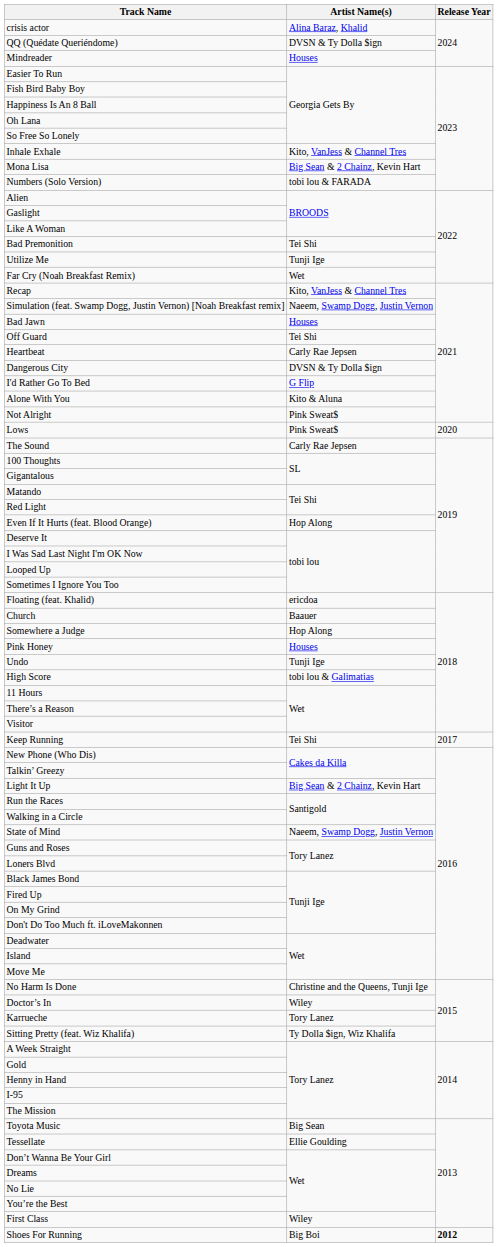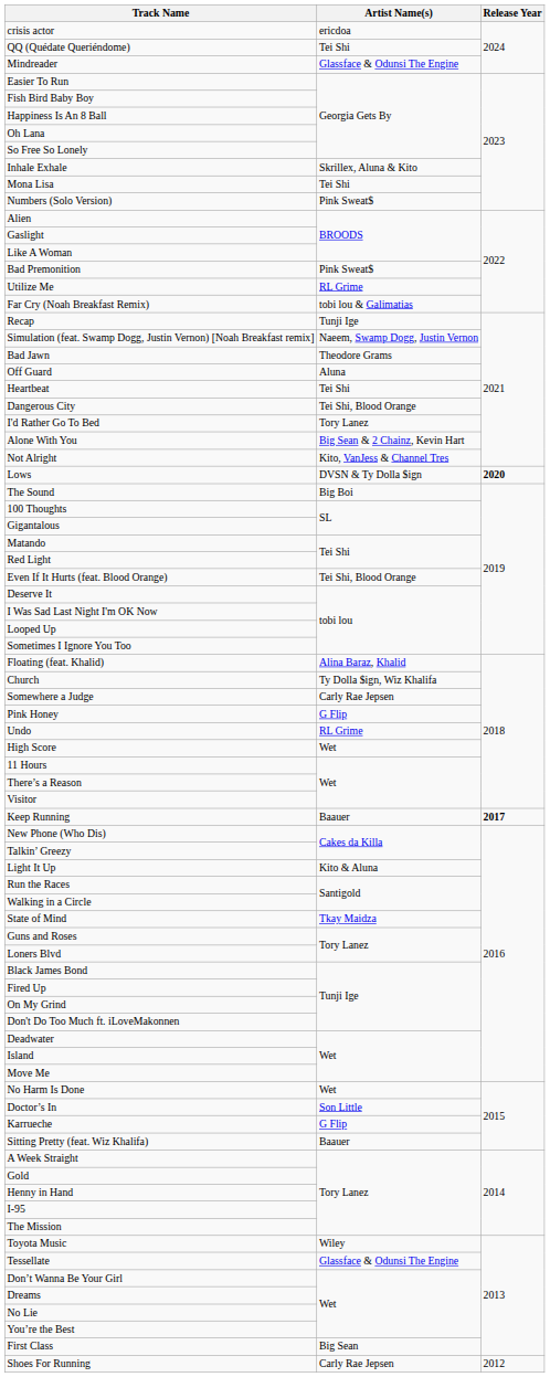 <table class="wikitable">
 <tr>
 <th>Track Name</th>
 <th>Artist Name(s)</th>
 <th>Release Year</th>
 </tr>
 <tr>
 <td>‍crisis actor</td>
-<td><a href='#'>Alina Baraz</a>, <a href='#'>Khalid</a></td>
+<td>ericdoa</td>
 <td rowspan="3">2024</td>
 </tr>
 <tr>
 <td>QQ (Quédate Queriéndome)</td>
-<td>DVSN & Ty Dolla $ign</td>
+<td>Tei Shi</td>
 </tr>
 <tr>
 <td>Mindreader</td>
-<td><a href='#'>Houses</a></td>
+<td><a href='#'>Glassface</a> & <a href='#'>Odunsi The Engine</a></td>
 </tr>
 <tr>
 <td>Easier To Run</td>
 <td rowspan="5">Georgia Gets By</td>
 <td rowspan="8">2023</td>
 </tr>
 <tr>
 <td>Fish Bird Baby Boy</td>
 </tr>
 <tr>
 <td>Happiness Is An 8 Ball</td>
 </tr>
 <tr>
 <td>Oh Lana</td>
 </tr>
 <tr>
 <td>So Free So Lonely</td>
 </tr>
 <tr>
 <td>Inhale Exhale</td>
-<td>Kito, <a href='#'>VanJess</a> & <a href='#'>Channel Tres</a></td>
+<td>Skrillex, Aluna & Kito</td>
 </tr>
 <tr>
 <td>Mona Lisa</td>
-<td><a href='#'>Big Sean</a> & <a href='#'>2 Chainz</a>, Kevin Hart</td>
+<td>Tei Shi</td>
 </tr>
 <tr>
 <td>Numbers (Solo Version)</td>
-<td>tobi lou & FARADA</td>
+<td>Pink Sweat$</td>
 </tr>
 <tr>
 <td>Alien</td>
 <td rowspan="3"><a href='#'>BROODS</a></td>
 <td rowspan="6">2022</td>
 </tr>
 <tr>
 <td>Gaslight</td>
 </tr>
 <tr>
 <td>Like A Woman</td>
 </tr>
 <tr>
 <td>Bad Premonition</td>
-<td>Tei Shi</td>
+<td>Pink Sweat$</td>
 </tr>
 <tr>
 <td>Utilize Me</td>
-<td>Tunji Ige</td>
+<td><a href='#'>RL Grime</a></td>
 </tr>
 <tr>
 <td>Far Cry (Noah Breakfast Remix)</td>
-<td>Wet</td>
+<td>tobi lou & <a href='#'>Galimatias</a></td>
 </tr>
 <tr>
 <td>Recap</td>
-<td>Kito, <a href='#'>VanJess</a> & <a href='#'>Channel Tres</a></td>
+<td>Tunji Ige</td>
 <td rowspan="9">2021</td>
 </tr>
 <tr>
 <td>Simulation (feat. Swamp Dogg, Justin Vernon) [Noah Breakfast remix]</td>
 <td>Naeem, <a href='#'>Swamp Dogg</a>, <a href='#'>Justin Vernon</a></td>
 </tr>
 <tr>
 <td>Bad Jawn</td>
-<td><a href='#'>Houses</a></td>
+<td>Theodore Grams</td>
 </tr>
 <tr>
 <td>Off Guard</td>
+<td>Aluna</td>
+</tr>
+<tr>
+<td>Heartbeat</td>
 <td>Tei Shi</td>
 </tr>
 <tr>
-<td>Heartbeat</td>
-<td>Carly Rae Jepsen</td>
-</tr>
-<tr>
 <td>Dangerous City</td>
-<td>DVSN & Ty Dolla $ign</td>
+<td>Tei Shi, Blood Orange</td>
 </tr>
 <tr>
 <td>I'd Rather Go To Bed</td>
-<td><a href='#'>G Flip</a></td>
+<td>Tory Lanez</td>
 </tr>
 <tr>
 <td>Alone With You</td>
-<td>Kito & Aluna</td>
+<td><a href='#'>Big Sean</a> & <a href='#'>2 Chainz</a>, Kevin Hart</td>
 </tr>
 <tr>
 <td>Not Alright</td>
-<td>Pink Sweat$</td>
+<td>Kito, <a href='#'>VanJess</a> & <a href='#'>Channel Tres</a></td>
 </tr>
 <tr>
 <td>Lows</td>
-<td>Pink Sweat$</td>
-<td>2020</td>
+<td>DVSN & Ty Dolla $ign</td>
+<td><strong>2020</strong></td>
 </tr>
 <tr>
 <td>The Sound</td>
-<td>Carly Rae Jepsen</td>
+<td>Big Boi</td>
 <td rowspan="10">2019</td>
 </tr>
 <tr>
 <td>100 Thoughts</td>
 <td rowspan="2">SL</td>
 </tr>
 <tr>
 <td>Gigantalous</td>
 </tr>
 <tr>
 <td>Matando</td>
 <td rowspan="2">Tei Shi</td>
 </tr>
 <tr>
 <td>Red Light</td>
 </tr>
 <tr>
 <td>Even If It Hurts (feat. Blood Orange)</td>
-<td>Hop Along</td>
+<td>Tei Shi, Blood Orange</td>
 </tr>
 <tr>
 <td>Deserve It</td>
 <td rowspan="4">tobi lou</td>
 </tr>
 <tr>
 <td>I Was Sad Last Night I'm OK  Now</td>
 </tr>
 <tr>
 <td>Looped Up</td>
 </tr>
 <tr>
 <td>Sometimes I Ignore You Too</td>
 </tr>
 <tr>
 <td>Floating (feat. Khalid)</td>
-<td>ericdoa</td>
+<td><a href='#'>Alina Baraz</a>, <a href='#'>Khalid</a></td>
 <td rowspan="9">2018</td>
 </tr>
 <tr>
 <td>Church</td>
-<td>Baauer</td>
+<td>Ty Dolla $ign, Wiz Khalifa</td>
 </tr>
 <tr>
 <td>Somewhere a Judge</td>
-<td>Hop Along</td>
+<td>Carly Rae Jepsen</td>
 </tr>
 <tr>
 <td>Pink Honey</td>
-<td><a href='#'>Houses</a></td>
+<td><a href='#'>G Flip</a></td>
 </tr>
 <tr>
 <td>Undo</td>
-<td>Tunji Ige</td>
+<td><a href='#'>RL Grime</a></td>
 </tr>
 <tr>
 <td>High Score</td>
-<td>tobi lou & <a href='#'>Galimatias</a></td>
+<td>Wet</td>
 </tr>
 <tr>
 <td>11 Hours</td>
 <td rowspan="3">Wet</td>
 </tr>
 <tr>
 <td>There’s a Reason</td>
 </tr>
 <tr>
 <td>Visitor</td>
 </tr>
 <tr>
 <td>Keep Running</td>
-<td>Tei Shi</td>
-<td>2017</td>
+<td>Baauer</td>
+<td><strong>2017</strong></td>
 </tr>
 <tr>
 <td>New Phone (Who Dis)</td>
 <td rowspan="2"><a href='#'>Cakes da Killa</a></td>
 <td rowspan="15">2016</td>
 </tr>
 <tr>
 <td>Talkin’ Greezy</td>
 </tr>
 <tr>
 <td>Light It Up</td>
-<td><a href='#'>Big Sean</a> & <a href='#'>2 Chainz</a>, Kevin Hart</td>
+<td>Kito & Aluna</td>
 </tr>
 <tr>
 <td>Run the Races</td>
 <td rowspan="2">Santigold</td>
 </tr>
 <tr>
 <td>Walking in a Circle</td>
 </tr>
 <tr>
 <td>State of Mind</td>
-<td>Naeem, <a href='#'>Swamp Dogg</a>, <a href='#'>Justin Vernon</a></td>
+<td><a href='#'>Tkay Maidza</a></td>
 </tr>
 <tr>
 <td>Guns and Roses</td>
 <td rowspan="2">Tory Lanez</td>
 </tr>
 <tr>
 <td>Loners Blvd</td>
 </tr>
 <tr>
 <td>Black James Bond</td>
 <td rowspan="4">Tunji Ige</td>
 </tr>
 <tr>
 <td>Fired Up</td>
 </tr>
 <tr>
 <td>On My Grind</td>
 </tr>
 <tr>
 <td>Don't Do Too Much ft. iLoveMakonnen</td>
 </tr>
 <tr>
 <td>Deadwater</td>
 <td rowspan="3">Wet</td>
 </tr>
 <tr>
 <td>Island</td>
 </tr>
 <tr>
 <td>Move Me</td>
 </tr>
 <tr>
 <td>No Harm Is Done</td>
-<td>Christine and the Queens, Tunji Ige</td>
+<td>Wet</td>
 <td rowspan="4">2015</td>
 </tr>
 <tr>
 <td>Doctor’s In</td>
-<td>Wiley</td>
+<td><a href='#'>Son Little</a></td>
 </tr>
 <tr>
 <td>Karrueche</td>
-<td>Tory Lanez</td>
+<td><a href='#'>G Flip</a></td>
 </tr>
 <tr>
 <td>Sitting Pretty (feat. Wiz  Khalifa)</td>
-<td>Ty Dolla $ign, Wiz Khalifa</td>
+<td>Baauer</td>
 </tr>
 <tr>
 <td>A Week Straight</td>
 <td rowspan="5">Tory Lanez</td>
 <td rowspan="5">2014</td>
 </tr>
 <tr>
 <td>Gold</td>
 </tr>
 <tr>
 <td>Henny in Hand</td>
 </tr>
 <tr>
 <td>I-95</td>
 </tr>
 <tr>
 <td>The Mission</td>
 </tr>
 <tr>
 <td>Toyota Music</td>
-<td>Big Sean</td>
+<td>Wiley</td>
 <td rowspan="7">2013</td>
 </tr>
 <tr>
 <td>Tessellate</td>
-<td>Ellie Goulding</td>
+<td><a href='#'>Glassface</a> & <a href='#'>Odunsi The Engine</a></td>
 </tr>
 <tr>
 <td>Don’t Wanna Be Your Girl</td>
 <td rowspan="4">Wet</td>
 </tr>
 <tr>
 <td>Dreams</td>
 </tr>
 <tr>
 <td>No Lie</td>
 </tr>
 <tr>
 <td>You’re the Best</td>
 </tr>
 <tr>
 <td>First Class</td>
-<td>Wiley</td>
+<td>Big Sean</td>
 </tr>
 <tr>
 <td>Shoes For Running</td>
-<td>Big Boi</td>
-<td><strong>2012</strong></td>
+<td>Carly Rae Jepsen</td>
+<td>2012</td>
 </tr>
 </table>
